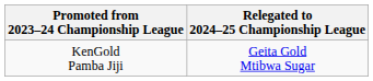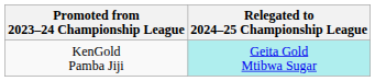 <table class="wikitable">
 <tr>
 <th> Promoted from<br>2023–24 Championship League</th>
 <th> Relegated to<br>2024–25 Championship League</th>
 </tr>
 <tr>
 <td align="center">KenGold<br>Pamba Jiji</td>
-<td align="center"><a href='#'>Geita Gold</a><br><a href='#'>Mtibwa Sugar</a></td>
+<td align="center" style="background: paleturquoise;"><a href='#'>Geita Gold</a><br><a href='#'>Mtibwa Sugar</a></td>
 </tr>
 </table>
